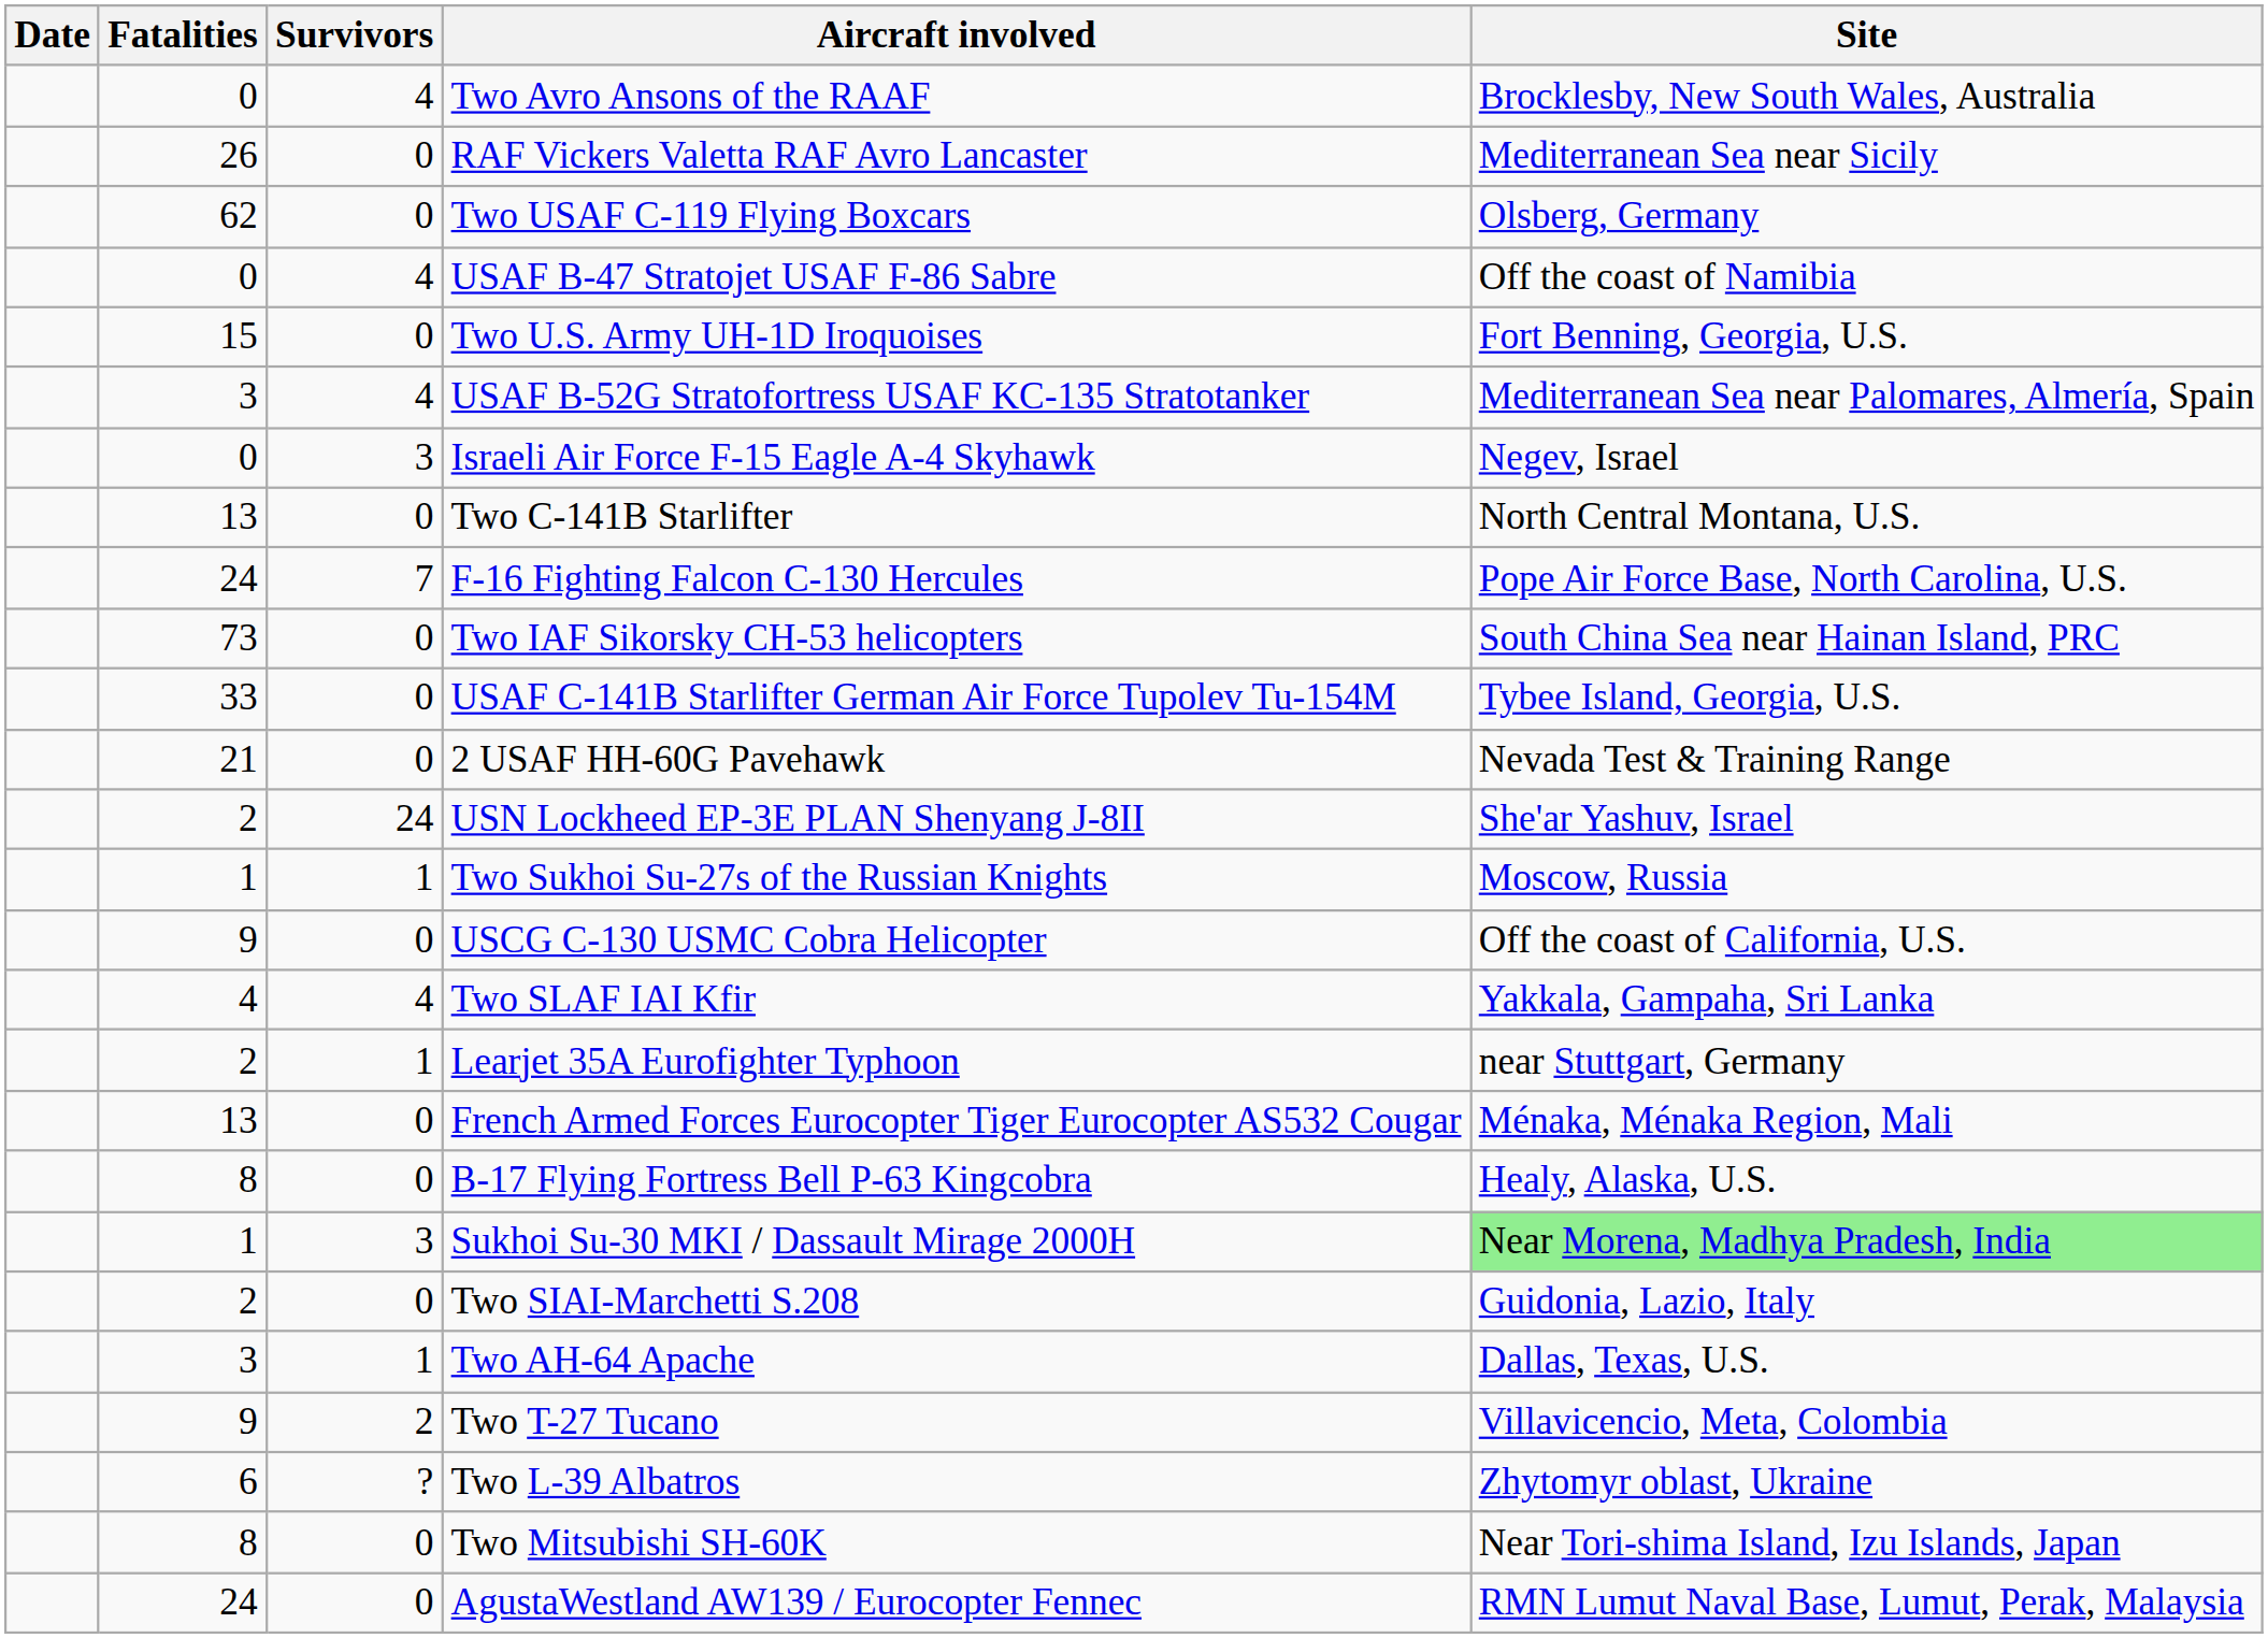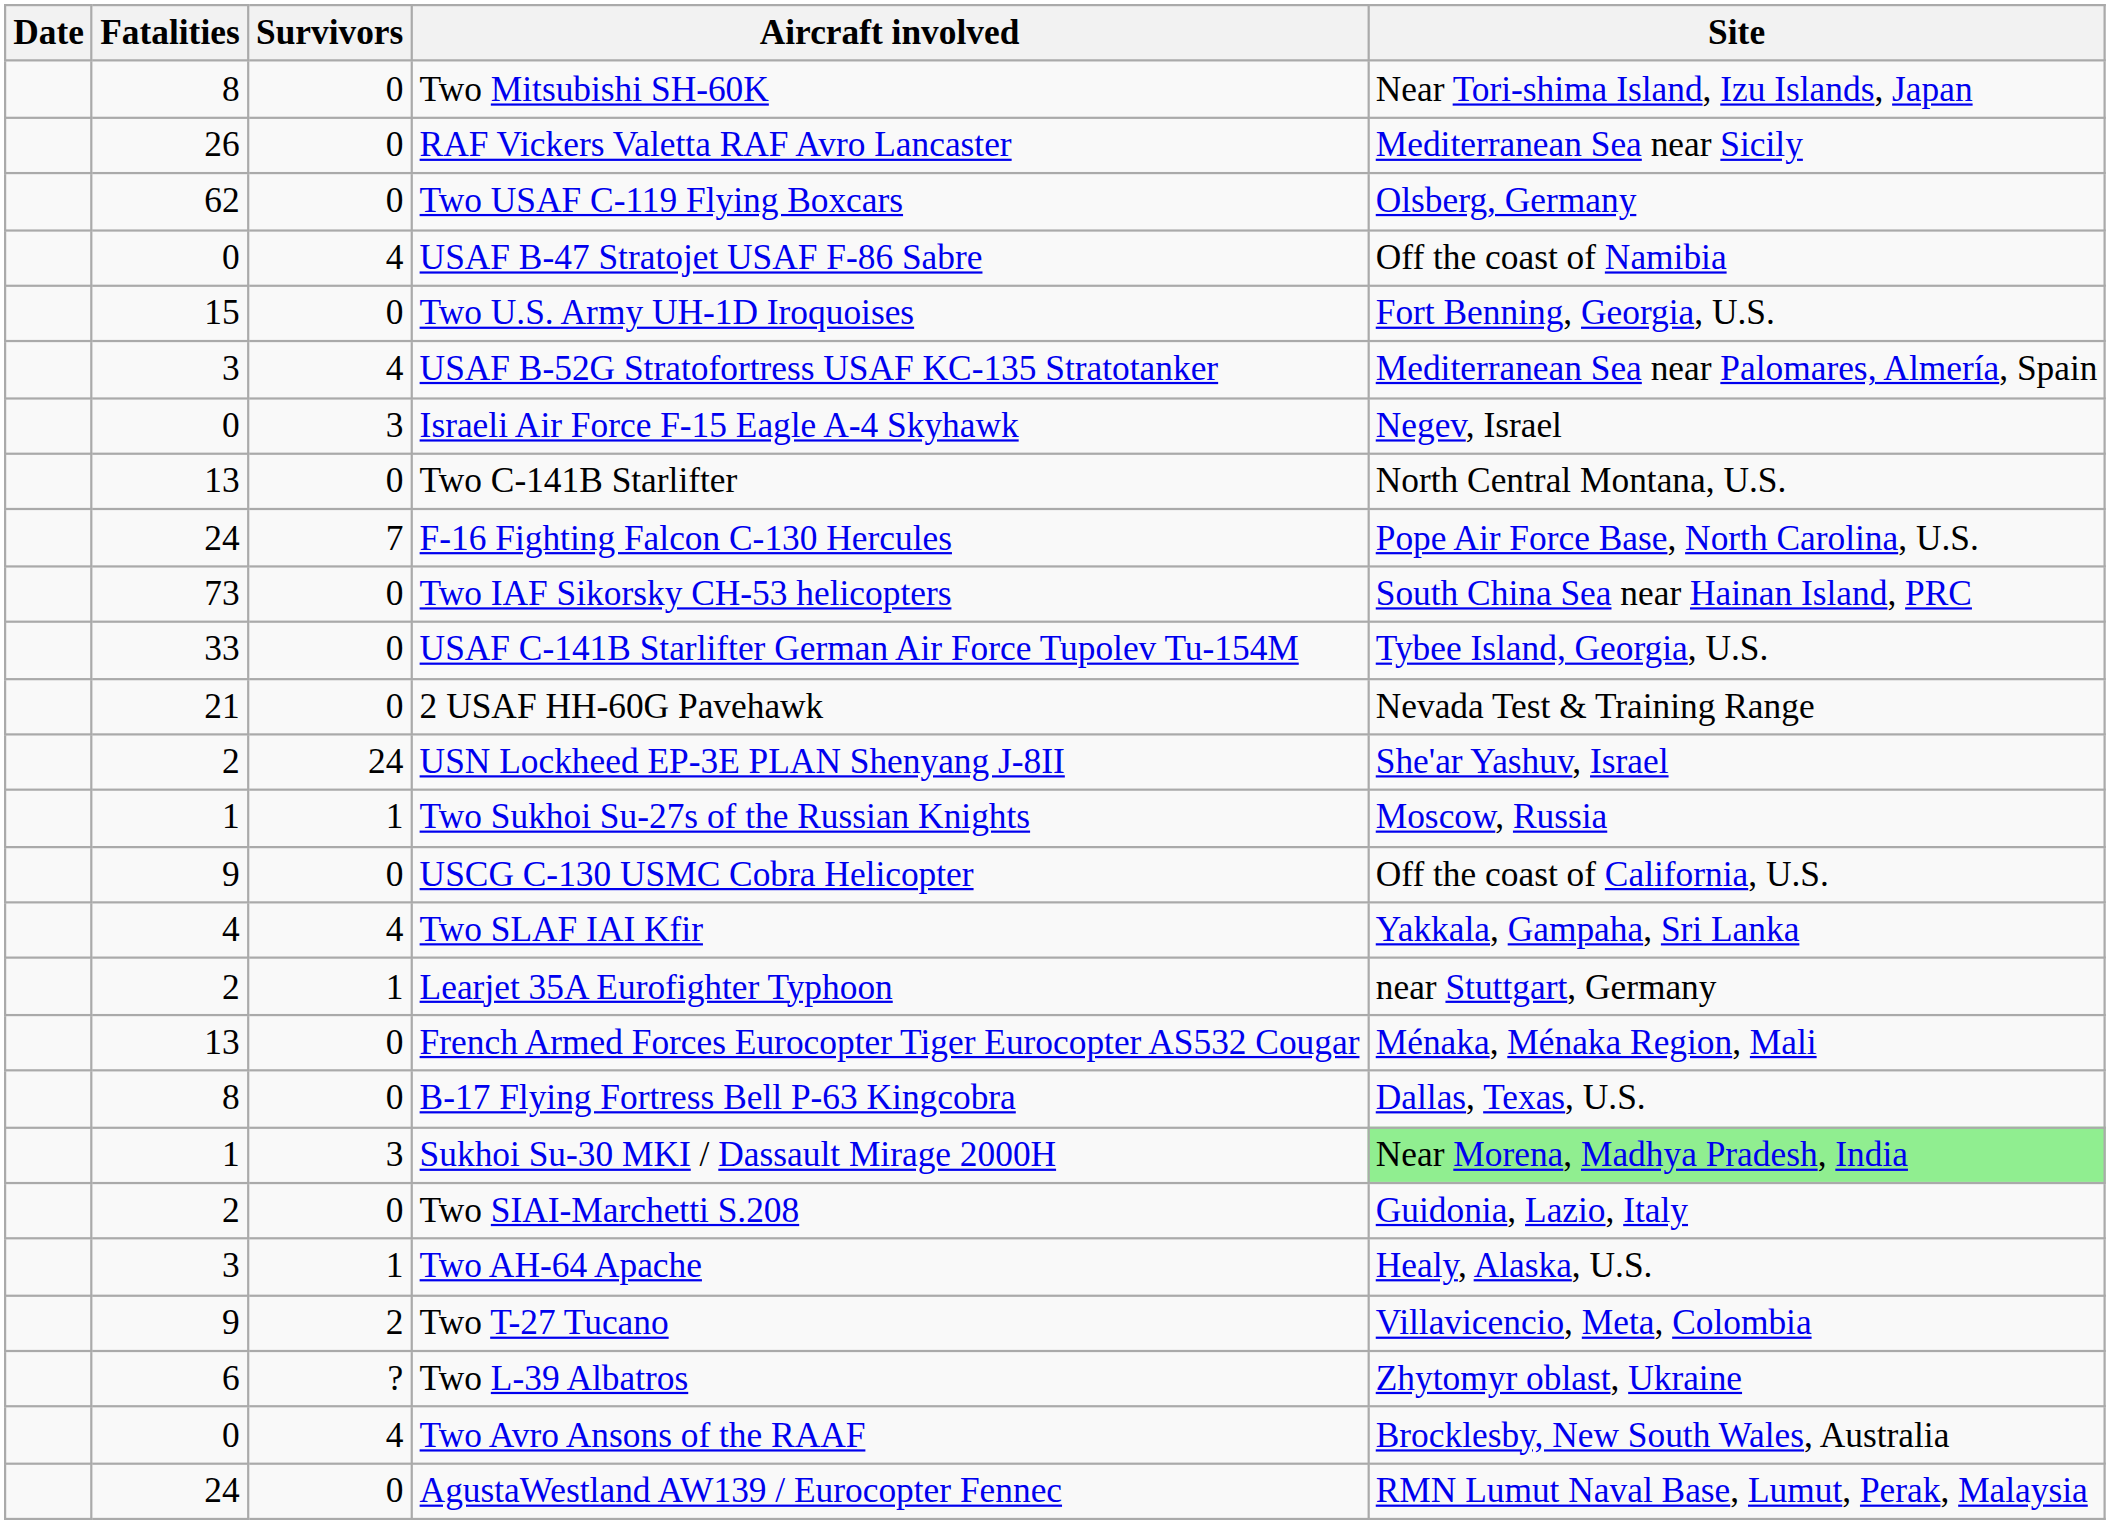 <table class="wikitable sortable">
 <tr>
 <th>Date</th>
 <th>Fatalities</th>
 <th style="width:2.0em;">Survivors</th>
 <th>Aircraft involved</th>
 <th>Site</th>
 </tr>
 <tr>
 <td></td>
+<td align="right">8</td>
 <td align="right">0</td>
-<td align="right">4</td>
-<td><a href='#'>Two Avro Ansons of the RAAF</a></td>
-<td><a href='#'>Brocklesby, New South Wales</a>, Australia</td>
+<td>Two <a href='#'>Mitsubishi SH-60K</a></td>
+<td>Near <a href='#'>Tori-shima Island</a>, <a href='#'>Izu Islands</a>, <a href='#'>Japan</a></td>
 </tr>
 <tr>
 <td></td>
 <td align="right">26</td>
 <td align="right">0</td>
 <td><a href='#'>RAF Vickers Valetta RAF Avro Lancaster</a></td>
 <td><a href='#'>Mediterranean Sea</a> near <a href='#'>Sicily</a></td>
 </tr>
 <tr>
 <td></td>
 <td align="right">62</td>
 <td align="right">0</td>
 <td><a href='#'>Two USAF C-119 Flying Boxcars</a></td>
 <td><a href='#'>Olsberg, Germany</a></td>
 </tr>
 <tr>
 <td></td>
 <td align="right">0</td>
 <td align="right">4</td>
 <td><a href='#'>USAF B-47 Stratojet USAF F-86 Sabre</a></td>
 <td>Off the coast of <a href='#'>Namibia</a></td>
 </tr>
 <tr>
 <td></td>
 <td align="right">15</td>
 <td align="right">0</td>
 <td><a href='#'>Two U.S. Army UH-1D Iroquoises</a></td>
 <td><a href='#'>Fort Benning</a>, <a href='#'>Georgia</a>, U.S.</td>
 </tr>
 <tr>
 <td></td>
 <td align="right">3</td>
 <td align="right">4</td>
 <td><a href='#'>USAF B-52G Stratofortress USAF KC-135 Stratotanker</a></td>
 <td><a href='#'>Mediterranean Sea</a> near <a href='#'>Palomares, Almería</a>, Spain</td>
 </tr>
 <tr>
 <td></td>
 <td align="right">0</td>
 <td align="right">3</td>
 <td><a href='#'>Israeli Air Force F-15 Eagle A-4 Skyhawk</a></td>
 <td><a href='#'>Negev</a>, Israel</td>
 </tr>
 <tr>
 <td></td>
 <td align="right">13</td>
 <td align="right">0</td>
 <td>Two C-141B Starlifter</td>
 <td>North Central Montana, U.S.</td>
 </tr>
 <tr>
 <td></td>
 <td align="right">24</td>
 <td align="right">7</td>
 <td><a href='#'>F-16 Fighting Falcon C-130 Hercules</a></td>
 <td><a href='#'>Pope Air Force Base</a>, <a href='#'>North Carolina</a>, U.S.</td>
 </tr>
 <tr>
 <td></td>
 <td align="right">73</td>
 <td align="right">0</td>
 <td><a href='#'>Two IAF Sikorsky CH-53 helicopters</a></td>
 <td><a href='#'>South China Sea</a> near <a href='#'>Hainan Island</a>, <a href='#'>PRC</a></td>
 </tr>
 <tr>
 <td></td>
 <td align="right">33</td>
 <td align="right">0</td>
 <td><a href='#'>USAF C-141B Starlifter German Air Force Tupolev Tu-154M</a></td>
 <td><a href='#'>Tybee Island, Georgia</a>, U.S.</td>
 </tr>
 <tr>
 <td></td>
 <td align="right">21</td>
 <td align="right">0</td>
 <td>2 USAF HH-60G Pavehawk</td>
 <td>Nevada Test & Training Range</td>
 </tr>
 <tr>
 <td></td>
 <td align="right">2</td>
 <td align="right">24</td>
 <td><a href='#'>USN Lockheed EP-3E PLAN Shenyang J-8II</a></td>
 <td><a href='#'>She'ar Yashuv</a>, <a href='#'>Israel</a></td>
 </tr>
 <tr>
 <td></td>
 <td align="right">1</td>
 <td align="right">1</td>
 <td><a href='#'>Two Sukhoi Su-27s of the Russian Knights</a></td>
 <td><a href='#'>Moscow</a>, <a href='#'>Russia</a></td>
 </tr>
 <tr>
 <td></td>
 <td align="right">9</td>
 <td align="right">0</td>
 <td><a href='#'>USCG C-130 USMC Cobra Helicopter</a></td>
 <td>Off the coast of <a href='#'>California</a>, U.S.</td>
 </tr>
 <tr>
 <td></td>
 <td align="right">4</td>
 <td align="right">4</td>
 <td><a href='#'>Two SLAF IAI Kfir</a></td>
 <td><a href='#'>Yakkala</a>, <a href='#'>Gampaha</a>, <a href='#'>Sri Lanka</a></td>
 </tr>
 <tr>
 <td></td>
 <td align="right">2</td>
 <td align="right">1</td>
 <td><a href='#'>Learjet 35A Eurofighter Typhoon</a></td>
 <td>near <a href='#'>Stuttgart</a>, Germany</td>
 </tr>
 <tr>
 <td></td>
 <td align="right">13</td>
 <td align="right">0</td>
 <td><a href='#'>French Armed Forces Eurocopter Tiger Eurocopter AS532 Cougar</a></td>
 <td><a href='#'>Ménaka</a>, <a href='#'>Ménaka Region</a>, <a href='#'>Mali</a></td>
 </tr>
 <tr>
 <td></td>
 <td align="right">8</td>
 <td align="right">0</td>
 <td><a href='#'>B-17 Flying Fortress Bell P-63 Kingcobra</a></td>
-<td><a href='#'>Healy</a>, <a href='#'>Alaska</a>, U.S.</td>
+<td><a href='#'>Dallas</a>, <a href='#'>Texas</a>, U.S.</td>
 </tr>
 <tr>
 <td></td>
 <td align="right">1</td>
 <td align="right">3</td>
 <td><a href='#'>Sukhoi Su-30 MKI</a> / <a href='#'>Dassault Mirage 2000H</a></td>
 <td style="background: lightgreen;">Near <a href='#'>Morena</a>, <a href='#'>Madhya Pradesh</a>, <a href='#'>India</a></td>
 </tr>
 <tr>
 <td></td>
 <td align="right">2</td>
 <td align="right">0</td>
 <td>Two <a href='#'>SIAI-Marchetti S.208</a></td>
 <td><a href='#'>Guidonia</a>, <a href='#'>Lazio</a>, <a href='#'>Italy</a></td>
 </tr>
 <tr>
 <td></td>
 <td align="right">3</td>
 <td align="right">1</td>
 <td><a href='#'>Two AH-64 Apache</a></td>
-<td><a href='#'>Dallas</a>, <a href='#'>Texas</a>, U.S.</td>
+<td><a href='#'>Healy</a>, <a href='#'>Alaska</a>, U.S.</td>
 </tr>
 <tr>
 <td></td>
 <td align="right">9</td>
 <td align="right">2</td>
 <td>Two <a href='#'>T-27 Tucano</a></td>
 <td><a href='#'>Villavicencio</a>, <a href='#'>Meta</a>, <a href='#'>Colombia</a></td>
 </tr>
 <tr>
 <td></td>
 <td align="right">6</td>
 <td align="right">?</td>
 <td>Two <a href='#'>L-39 Albatros</a></td>
 <td><a href='#'>Zhytomyr oblast</a>, <a href='#'>Ukraine</a></td>
 </tr>
 <tr>
 <td></td>
-<td align="right">8</td>
 <td align="right">0</td>
-<td>Two <a href='#'>Mitsubishi SH-60K</a></td>
-<td>Near <a href='#'>Tori-shima Island</a>, <a href='#'>Izu Islands</a>, <a href='#'>Japan</a></td>
+<td align="right">4</td>
+<td><a href='#'>Two Avro Ansons of the RAAF</a></td>
+<td><a href='#'>Brocklesby, New South Wales</a>, Australia</td>
 </tr>
 <tr>
 <td></td>
 <td align="right">24</td>
 <td align="right">0</td>
 <td><a href='#'>AgustaWestland AW139 / Eurocopter Fennec</a></td>
 <td><a href='#'>RMN Lumut Naval Base</a>, <a href='#'>Lumut</a>, <a href='#'>Perak</a>, <a href='#'>Malaysia</a></td>
 </tr>
 </table>
